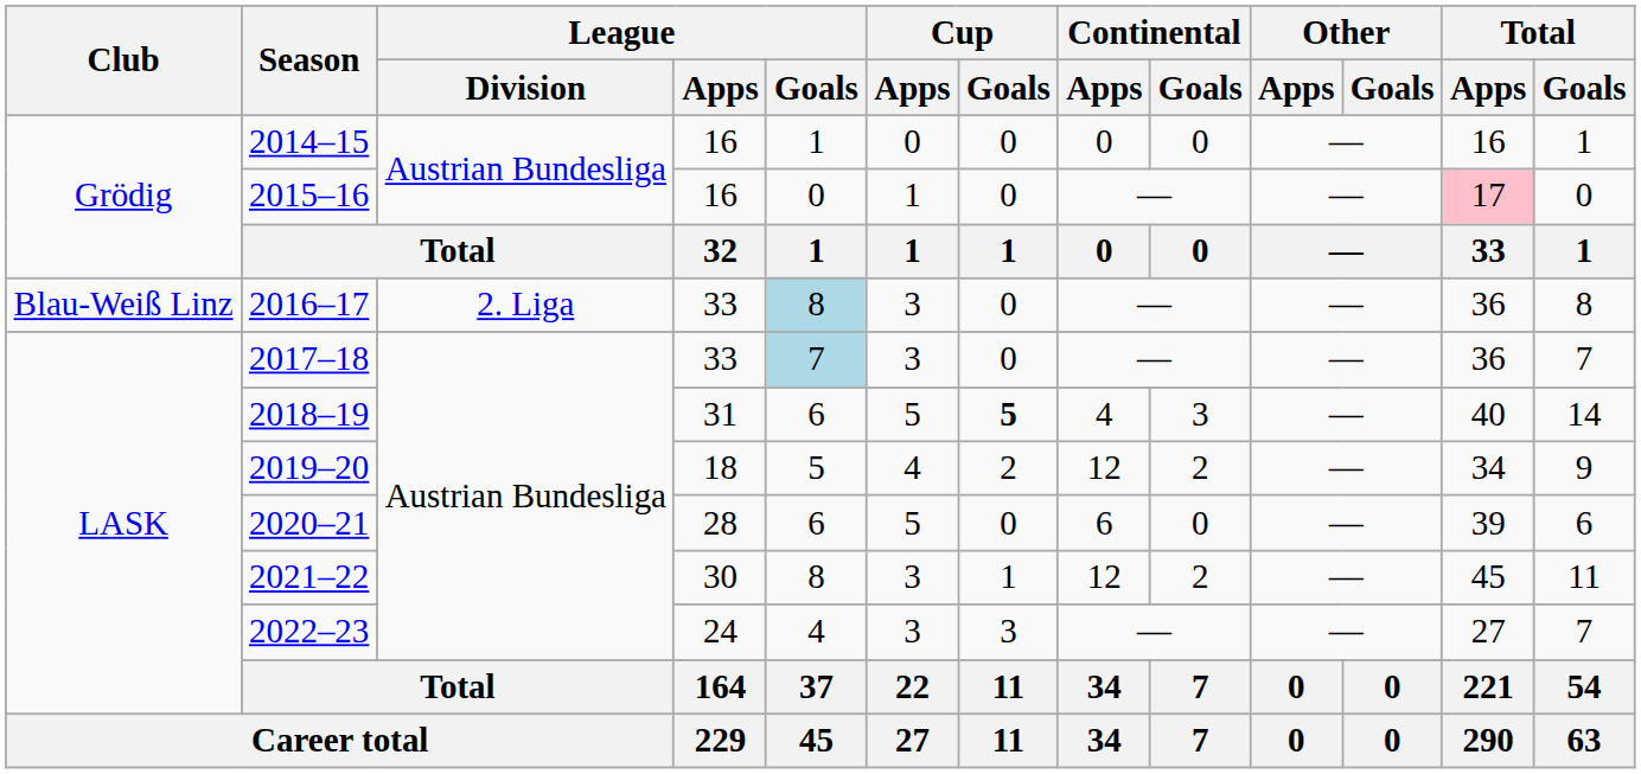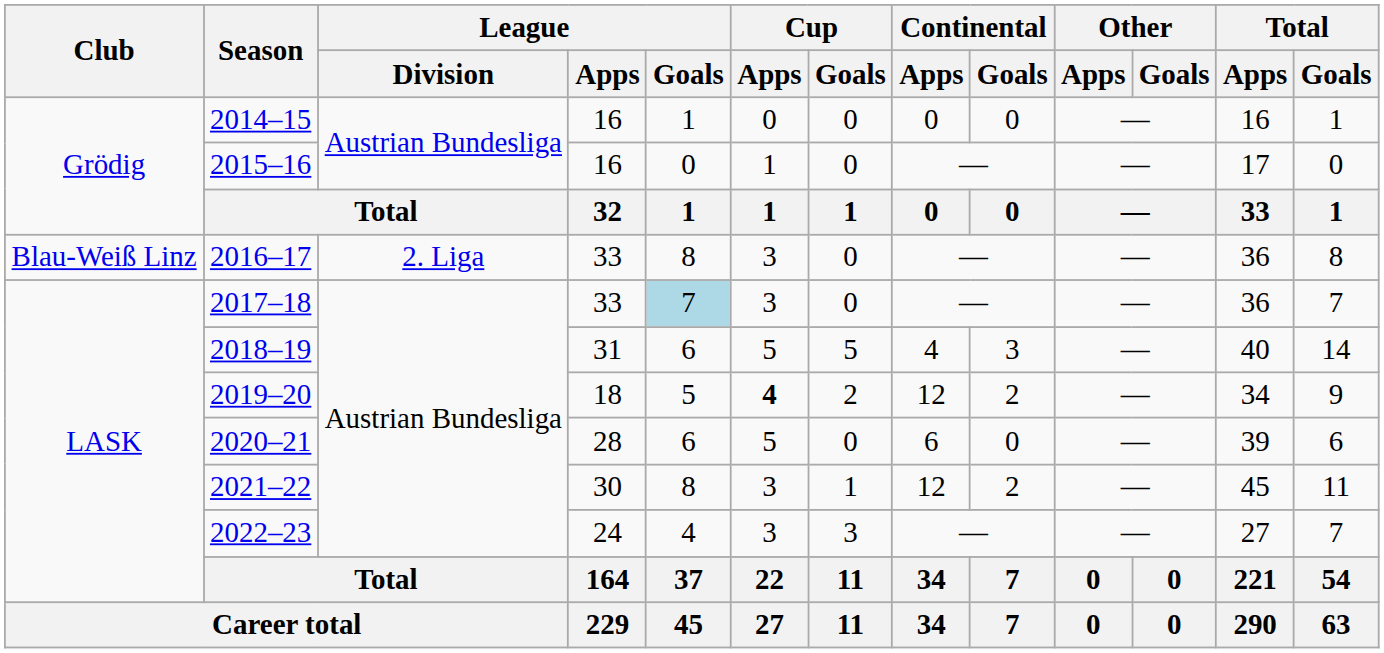 <table class="wikitable" style="text-align:center">
 <tr>
 <th rowspan="2">Club</th>
 <th rowspan="2">Season</th>
 <th colspan="3">League</th>
 <th colspan="2">Cup</th>
 <th colspan="2">Continental</th>
 <th colspan="2">Other</th>
 <th colspan="2">Total</th>
 </tr>
 <tr>
 <th>Division</th>
 <th>Apps</th>
 <th>Goals</th>
 <th>Apps</th>
 <th>Goals</th>
 <th>Apps</th>
 <th>Goals</th>
 <th>Apps</th>
 <th>Goals</th>
 <th>Apps</th>
 <th>Goals</th>
 </tr>
 <tr>
 <td rowspan="3"><a href='#'>Grödig</a></td>
 <td><a href='#'>2014–15</a></td>
 <td rowspan="2"><a href='#'>Austrian Bundesliga</a></td>
 <td>16</td>
 <td>1</td>
 <td>0</td>
 <td>0</td>
 <td>0</td>
 <td>0</td>
 <td colspan="2">—</td>
 <td>16</td>
 <td>1</td>
 </tr>
 <tr>
 <td><a href='#'>2015–16</a></td>
 <td>16</td>
 <td>0</td>
 <td>1</td>
 <td>0</td>
 <td colspan="2">—</td>
 <td colspan="2">—</td>
-<td style="background: pink;">17</td>
+<td>17</td>
 <td>0</td>
 </tr>
 <tr>
 <th colspan="2">Total</th>
 <th>32</th>
 <th>1</th>
 <th>1</th>
 <th>1</th>
 <th>0</th>
 <th>0</th>
 <th colspan="2">—</th>
 <th>33</th>
 <th>1</th>
 </tr>
 <tr>
 <td><a href='#'>Blau-Weiß Linz</a></td>
 <td><a href='#'>2016–17</a></td>
 <td><a href='#'>2. Liga</a></td>
 <td>33</td>
-<td style="background: lightblue;">8</td>
+<td>8</td>
 <td>3</td>
 <td>0</td>
 <td colspan="2">—</td>
 <td colspan="2">—</td>
 <td>36</td>
 <td>8</td>
 </tr>
 <tr>
 <td rowspan="7"><a href='#'>LASK</a></td>
 <td><a href='#'>2017–18</a></td>
 <td rowspan="6">Austrian Bundesliga</td>
 <td>33</td>
 <td style="background: lightblue;">7</td>
 <td>3</td>
 <td>0</td>
 <td colspan="2">—</td>
 <td colspan="2">—</td>
 <td>36</td>
 <td>7</td>
 </tr>
 <tr>
 <td><a href='#'>2018–19</a></td>
 <td>31</td>
 <td>6</td>
 <td>5</td>
-<td><strong>5</strong></td>
+<td>5</td>
 <td>4</td>
 <td>3</td>
 <td colspan="2">—</td>
 <td>40</td>
 <td>14</td>
 </tr>
 <tr>
 <td><a href='#'>2019–20</a></td>
 <td>18</td>
 <td>5</td>
-<td>4</td>
+<td><strong>4</strong></td>
 <td>2</td>
 <td>12</td>
 <td>2</td>
 <td colspan="2">—</td>
 <td>34</td>
 <td>9</td>
 </tr>
 <tr>
 <td><a href='#'>2020–21</a></td>
 <td>28</td>
 <td>6</td>
 <td>5</td>
 <td>0</td>
 <td>6</td>
 <td>0</td>
 <td colspan="2">—</td>
 <td>39</td>
 <td>6</td>
 </tr>
 <tr>
 <td><a href='#'>2021–22</a></td>
 <td>30</td>
 <td>8</td>
 <td>3</td>
 <td>1</td>
 <td>12</td>
 <td>2</td>
 <td colspan="2">—</td>
 <td>45</td>
 <td>11</td>
 </tr>
 <tr>
 <td><a href='#'>2022–23</a></td>
 <td>24</td>
 <td>4</td>
 <td>3</td>
 <td>3</td>
 <td colspan="2">—</td>
 <td colspan="2">—</td>
 <td>27</td>
 <td>7</td>
 </tr>
 <tr>
 <th colspan="2">Total</th>
 <th>164</th>
 <th>37</th>
 <th>22</th>
 <th>11</th>
 <th>34</th>
 <th>7</th>
 <th>0</th>
 <th>0</th>
 <th>221</th>
 <th>54</th>
 </tr>
 <tr>
 <th colspan="3">Career total</th>
 <th>229</th>
 <th>45</th>
 <th>27</th>
 <th>11</th>
 <th>34</th>
 <th>7</th>
 <th>0</th>
 <th>0</th>
 <th>290</th>
 <th>63</th>
 </tr>
 </table>
